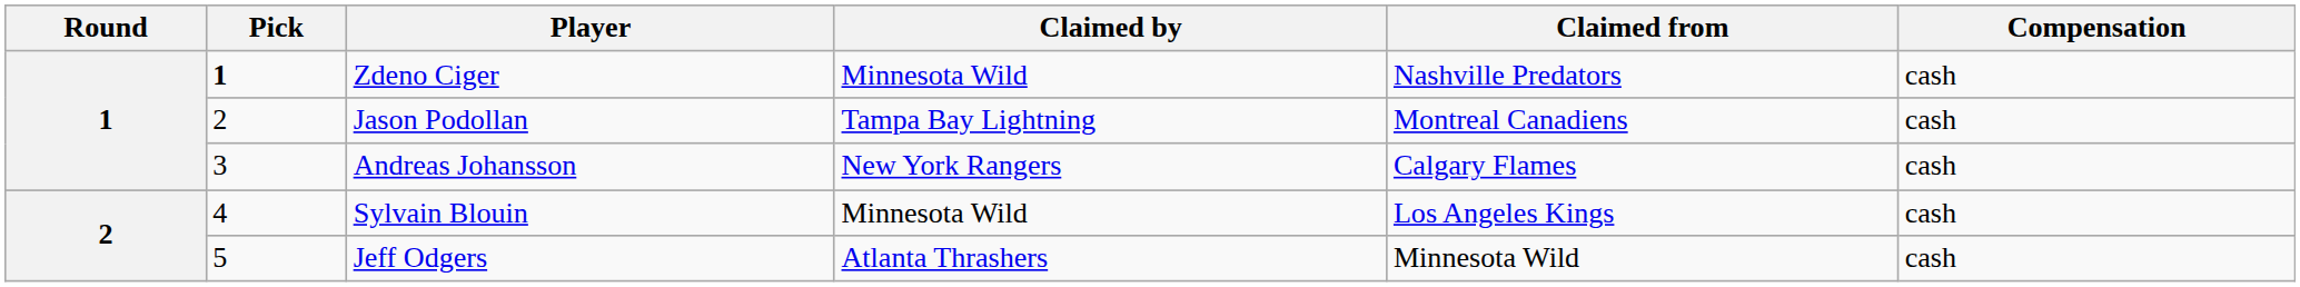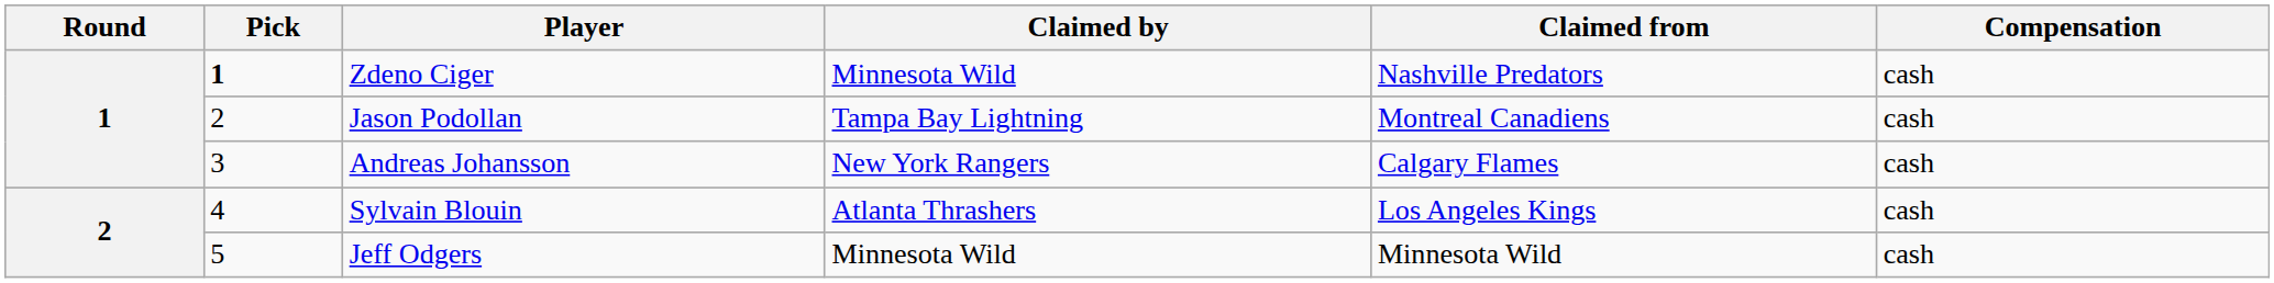 <table class="wikitable" style="width: 100%">
 <tr>
 <th scope="col">Round</th>
 <th scope="col">Pick</th>
 <th scope="col">Player</th>
 <th scope="col">Claimed by</th>
 <th scope="col">Claimed from</th>
 <th scope="col">Compensation</th>
 </tr>
 <tr>
 <th scope="row" rowspan="3">1</th>
 <td><strong>1</strong></td>
 <td><a href='#'>Zdeno Ciger</a></td>
 <td><a href='#'>Minnesota Wild</a></td>
 <td><a href='#'>Nashville Predators</a></td>
 <td>cash</td>
 </tr>
 <tr>
 <td>2</td>
 <td><a href='#'>Jason Podollan</a></td>
 <td><a href='#'>Tampa Bay Lightning</a></td>
 <td><a href='#'>Montreal Canadiens</a></td>
 <td>cash</td>
 </tr>
 <tr>
 <td>3</td>
 <td><a href='#'>Andreas Johansson</a></td>
 <td><a href='#'>New York Rangers</a></td>
 <td><a href='#'>Calgary Flames</a></td>
 <td>cash</td>
 </tr>
 <tr>
 <th scope="row" rowspan="2">2</th>
 <td>4</td>
 <td><a href='#'>Sylvain Blouin</a></td>
-<td>Minnesota Wild</td>
+<td><a href='#'>Atlanta Thrashers</a></td>
 <td><a href='#'>Los Angeles Kings</a></td>
 <td>cash</td>
 </tr>
 <tr>
 <td>5</td>
 <td><a href='#'>Jeff Odgers</a></td>
-<td><a href='#'>Atlanta Thrashers</a></td>
+<td>Minnesota Wild</td>
 <td>Minnesota Wild</td>
 <td>cash</td>
 </tr>
 </table>
